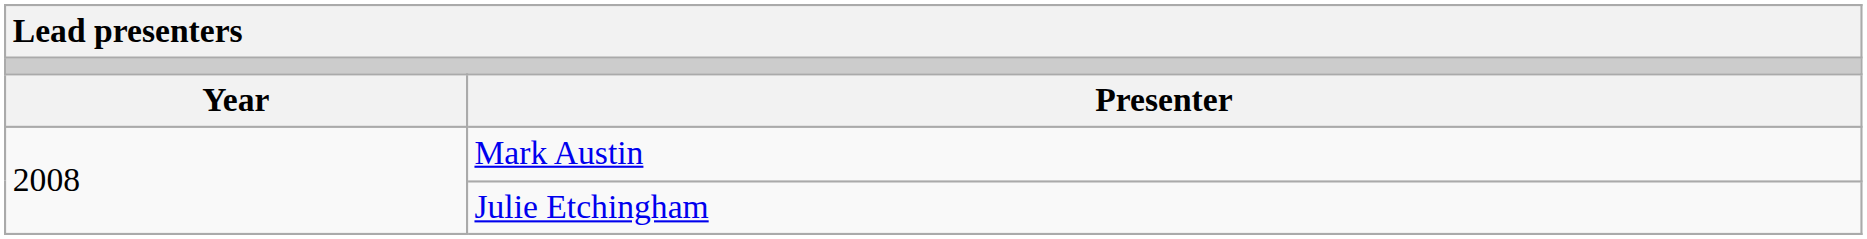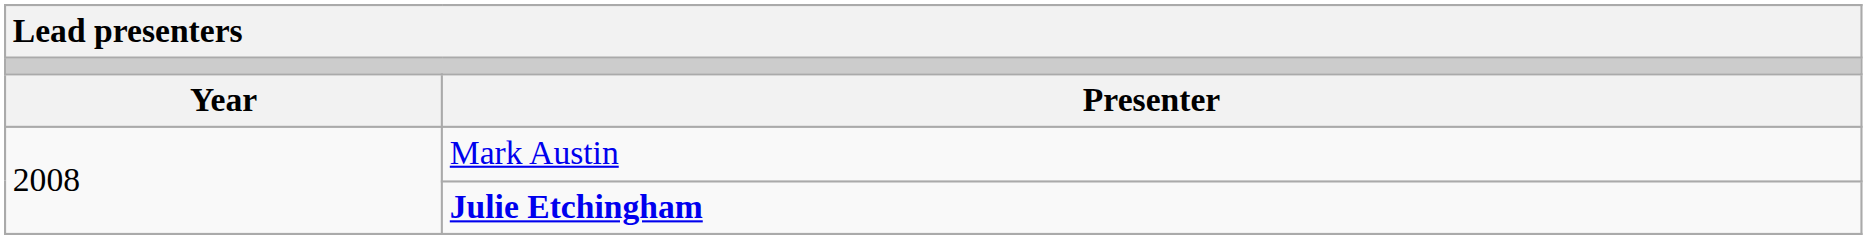 <table class="wikitable collapsible collapsed" style="width:70%;">
 <tr>
 <th colspan="2" style="text-align:left;">Lead presenters</th>
 </tr>
 <tr style="background:#ccc;">
 <td colspan="2"></td>
 </tr>
 <tr>
 <th>Year</th>
 <th>Presenter</th>
 </tr>
 <tr>
 <td rowspan=2>2008</td>
 <td><a href='#'>Mark Austin</a></td>
 </tr>
 <tr>
-<td><a href='#'>Julie Etchingham</a></td>
+<td><strong><a href='#'>Julie Etchingham</a></strong></td>
 </tr>
 </table>
